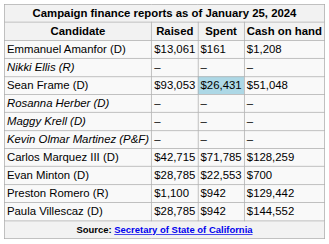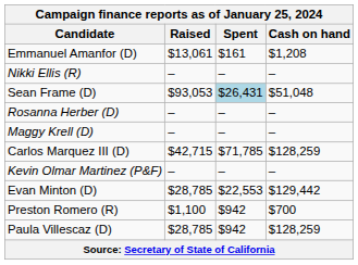 <table class="wikitable sortable">
 <tr>
 <th colspan=4>Campaign finance reports as of January 25, 2024</th>
 </tr>
 <tr style="text-align:center;">
 <th>Candidate</th>
 <th>Raised</th>
 <th>Spent</th>
 <th>Cash on hand</th>
 </tr>
 <tr>
 <td style="color:black;background-color:">Emmanuel Amanfor (D)</td>
 <td>$13,061</td>
 <td>$161</td>
 <td>$1,208</td>
 </tr>
 <tr>
 <td style="background-color:"><em>Nikki Ellis (R)</em></td>
 <td>–</td>
 <td>–</td>
 <td>–</td>
 </tr>
 <tr>
 <td style="color:black;background-color:">Sean Frame (D)</td>
 <td>$93,053</td>
 <td style="background: lightblue;">$26,431</td>
 <td>$51,048</td>
 </tr>
 <tr>
 <td style="color:black;background-color:"><em>Rosanna Herber (D)</em></td>
 <td>–</td>
 <td>–</td>
 <td>–</td>
 </tr>
 <tr>
 <td style="color:black;background-color:"><em>Maggy Krell (D)</em></td>
 <td>–</td>
 <td>–</td>
 <td>–</td>
 </tr>
 <tr>
+<td style="color:black;background-color:">Carlos Marquez III (D)</td>
+<td>$42,715</td>
+<td>$71,785</td>
+<td>$128,259</td>
+</tr>
+<tr>
 <td><em>Kevin Olmar Martinez (P&F)</em></td>
 <td>–</td>
 <td>–</td>
 <td>–</td>
 </tr>
 <tr>
-<td style="color:black;background-color:">Carlos Marquez III (D)</td>
-<td>$42,715</td>
-<td>$71,785</td>
-<td>$128,259</td>
-</tr>
-<tr>
 <td style="color:black;background-color:">Evan Minton (D)</td>
 <td>$28,785</td>
 <td>$22,553</td>
-<td>$700</td>
+<td>$129,442</td>
 </tr>
 <tr>
 <td style="background-color:">Preston Romero (R)</td>
 <td>$1,100</td>
 <td>$942</td>
-<td>$129,442</td>
+<td>$700</td>
 </tr>
 <tr>
 <td style="color:black;background-color:">Paula Villescaz (D)</td>
 <td>$28,785</td>
 <td>$942</td>
-<td>$144,552</td>
+<td>$128,259</td>
 </tr>
 <tr>
 <th colspan="4"><small>Source: <a href='#'>Secretary of State of California</a></small></th>
 </tr>
 </table>
